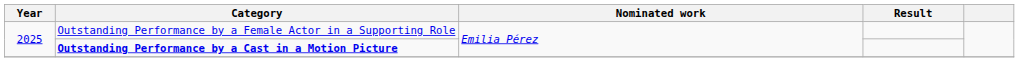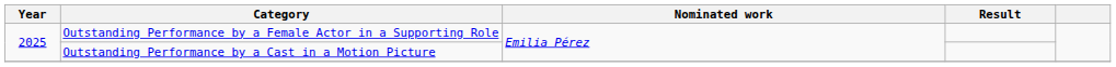 <table class="wikitable plainrowheaders" style="width:97.5%;">
 <tr>
 <th scope="col" style="width:5%;">Year</th>
 <th scope="col" style="width:40%;">Category</th>
 <th scope="col" style="width:40%;">Nominated work</th>
 <th scope="col" style="width:10%;">Result</th>
 <th scope="col" style="width:5%;"></th>
 </tr>
 <tr>
 <td rowspan="2"  align="center"><a href='#'>2025</a></td>
 <td><a href='#'>Outstanding Performance by a Female Actor in a Supporting Role</a></td>
 <td rowspan="2"><em><a href='#'>Emilia Pérez</a></em></td>
 <td></td>
 <td rowspan="2" align="center"></td>
 </tr>
 <tr>
-<td><strong><a href='#'>Outstanding Performance by a Cast in a Motion Picture</a></strong></td>
+<td><a href='#'>Outstanding Performance by a Cast in a Motion Picture</a></td>
 <td></td>
 </tr>
 <tr>
 </tr>
 </table>
